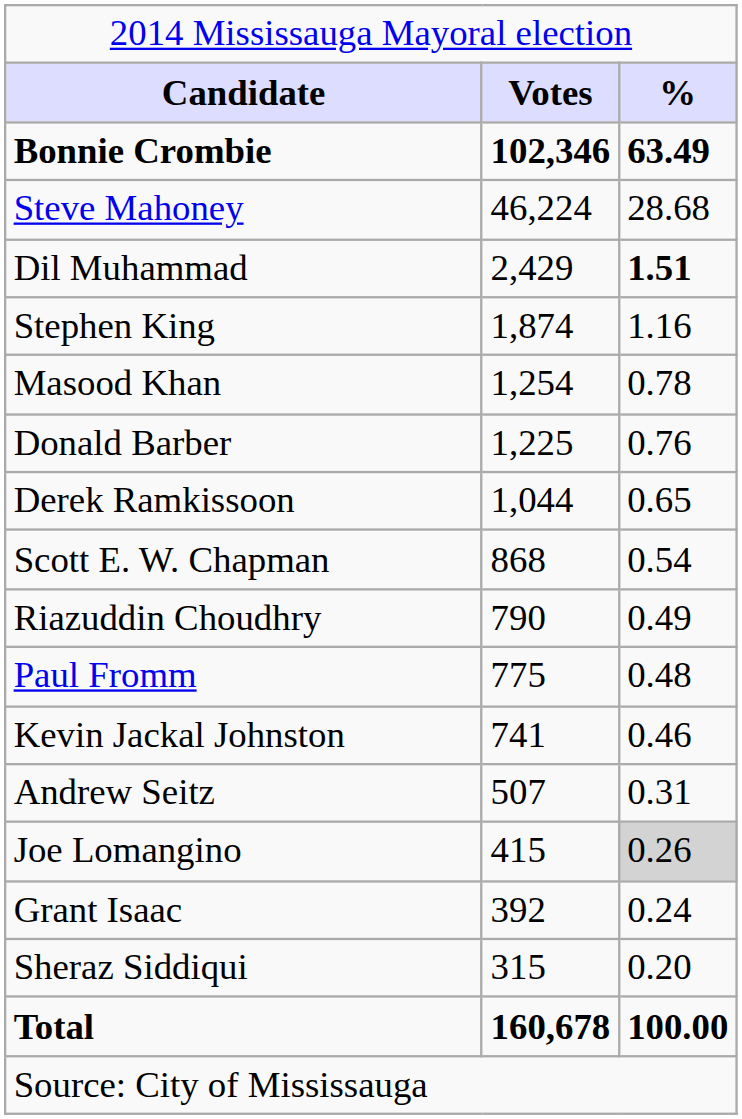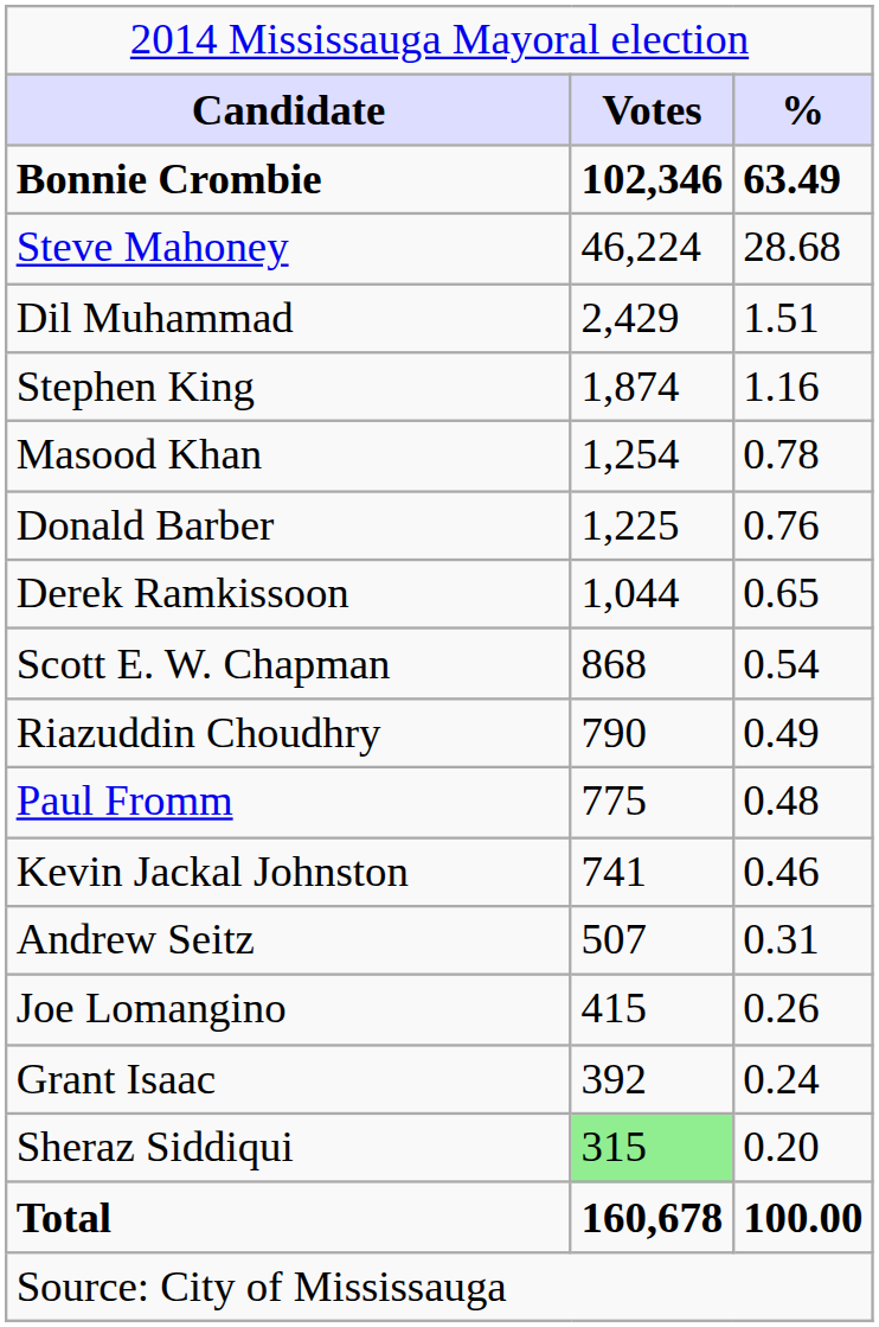 <table class="wikitable">
 <tr>
 <td colspan="3" style="text-align:center;"><a href='#'>2014 Mississauga Mayoral election</a></td>
 </tr>
 <tr>
 <th style="background:#ddf; width:200px;">Candidate</th>
 <th style="background:#ddf; width:50px;">Votes</th>
 <th style="background:#ddf; width:30px;">%</th>
 </tr>
 <tr>
 <td><strong>Bonnie Crombie</strong></td>
 <td><strong>102,346</strong></td>
 <td><strong>63.49</strong></td>
 </tr>
 <tr>
 <td><a href='#'>Steve Mahoney</a></td>
 <td>46,224</td>
 <td>28.68</td>
 </tr>
 <tr>
 <td>Dil Muhammad</td>
 <td>2,429</td>
-<td><strong>1.51</strong></td>
+<td>1.51</td>
 </tr>
 <tr>
 <td>Stephen King</td>
 <td>1,874</td>
 <td>1.16</td>
 </tr>
 <tr>
 <td>Masood Khan</td>
 <td>1,254</td>
 <td>0.78</td>
 </tr>
 <tr>
 <td>Donald Barber</td>
 <td>1,225</td>
 <td>0.76</td>
 </tr>
 <tr>
 <td>Derek Ramkissoon</td>
 <td>1,044</td>
 <td>0.65</td>
 </tr>
 <tr>
 <td>Scott E. W. Chapman</td>
 <td>868</td>
 <td>0.54</td>
 </tr>
 <tr>
 <td>Riazuddin Choudhry</td>
 <td>790</td>
 <td>0.49</td>
 </tr>
 <tr>
 <td><a href='#'>Paul Fromm</a></td>
 <td>775</td>
 <td>0.48</td>
 </tr>
 <tr>
 <td>Kevin Jackal Johnston</td>
 <td>741</td>
 <td>0.46</td>
 </tr>
 <tr>
 <td>Andrew Seitz</td>
 <td>507</td>
 <td>0.31</td>
 </tr>
 <tr>
 <td>Joe Lomangino</td>
 <td>415</td>
-<td style="background: lightgrey;">0.26</td>
+<td>0.26</td>
 </tr>
 <tr>
 <td>Grant Isaac</td>
 <td>392</td>
 <td>0.24</td>
 </tr>
 <tr>
 <td>Sheraz Siddiqui</td>
-<td>315</td>
+<td style="background: lightgreen;">315</td>
 <td>0.20</td>
 </tr>
 <tr>
 <td><strong>Total</strong></td>
 <td><strong>160,678</strong></td>
 <td><strong>100.00</strong></td>
 </tr>
 <tr>
 <td colspan="3">Source: City of Mississauga</td>
 </tr>
 </table>
